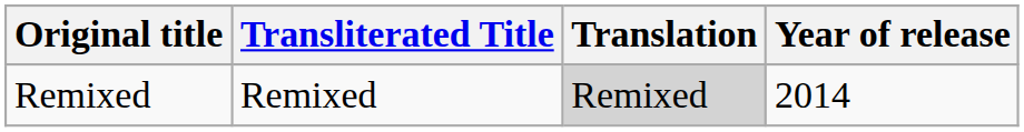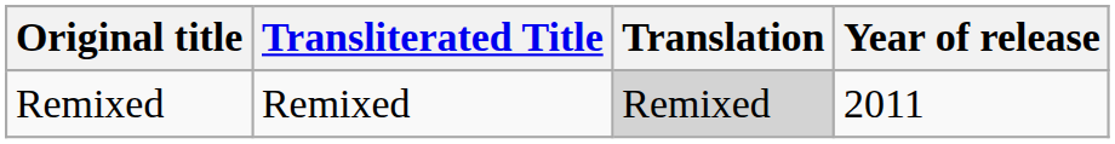 <table class="wikitable">
 <tr>
 <th>Original title</th>
 <th><a href='#'>Transliterated Title</a></th>
 <th>Translation</th>
 <th>Year of release</th>
 </tr>
 <tr>
 <td>Remixed</td>
 <td>Remixed</td>
 <td style="background: lightgrey;">Remixed</td>
-<td>2014</td>
+<td>2011</td>
 </tr>
 </table>
